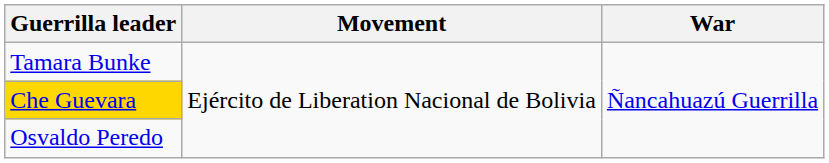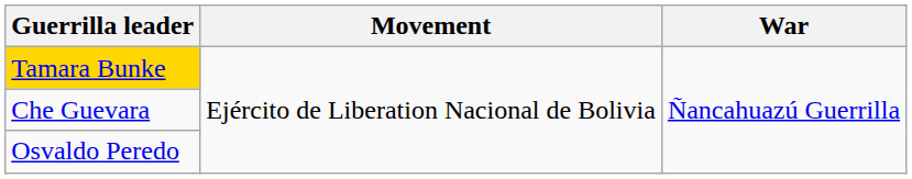 <table class="wikitable">
 <tr>
 <th>Guerrilla leader</th>
 <th>Movement</th>
 <th>War</th>
 </tr>
 <tr>
-<td><a href='#'>Tamara Bunke</a></td>
+<td style="background: gold;"><a href='#'>Tamara Bunke</a></td>
 <td rowspan="3">Ejército de Liberation Nacional de Bolivia</td>
 <td rowspan="3"><a href='#'>Ñancahuazú Guerrilla</a></td>
 </tr>
 <tr>
-<td style="background: gold;"><a href='#'>Che Guevara</a></td>
+<td><a href='#'>Che Guevara</a></td>
 </tr>
 <tr>
 <td><a href='#'>Osvaldo Peredo</a></td>
 </tr>
 </table>
